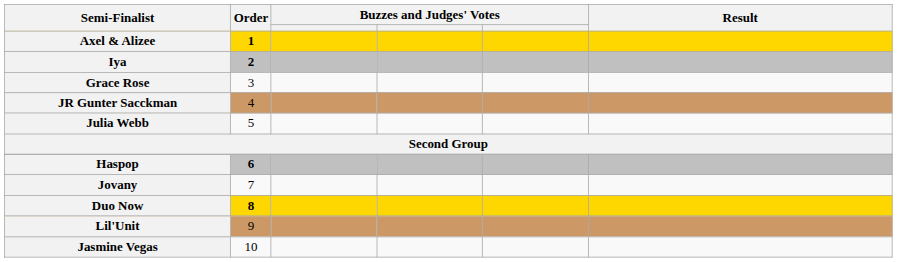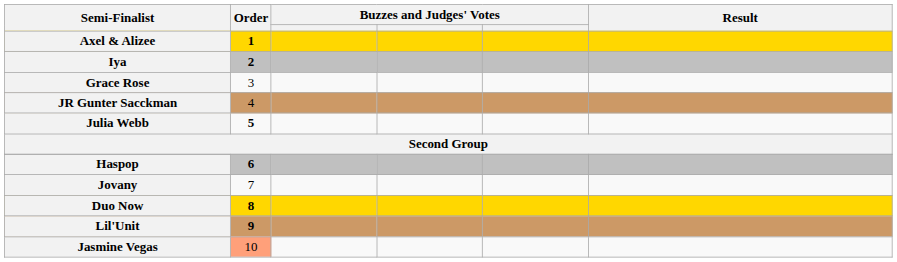 <table class="wikitable plainrowheaders sortable" style="text-align:center;">
 <tr>
 <th scope="col" rowspan=2 class="unsortable" style="width:17em;">Semi-Finalist</th>
 <th scope="col" rowspan=2 style="width:1em;">Order</th>
 <th scope="col" colspan=3 class="unsortable" style="width:24em;">Buzzes and Judges' Votes</th>
 <th scope="col" rowspan=2 style="width:23em;">Result</th>
 </tr>
 <tr>
 <th scope="col" class="unsortable" style="width:6em;"></th>
 <th scope="col" class="unsortable" style="width:6em;"></th>
 <th scope="col" class="unsortable" style="width:6em;"></th>
 </tr>
 <tr bgcolor=gold>
 <th scope="row"><strong>Axel & Alizee</strong></th>
 <td><strong>1</strong></td>
 <td style="text-align:center;"></td>
 <td style="text-align:center;"></td>
 <td style="text-align:center;"></td>
 <td><strong></strong></td>
 </tr>
 <tr bgcolor=silver>
 <th scope="row"><strong>Iya</strong></th>
 <td><strong>2</strong></td>
 <td style="text-align:center;"></td>
 <td style="text-align:center;"></td>
 <td style="text-align:center;"></td>
 <td><strong></strong></td>
 </tr>
 <tr>
 <th scope="row">Grace Rose</th>
 <td>3</td>
 <td style="text-align:center;"></td>
 <td style="text-align:center;"></td>
 <td style="text-align:center;"></td>
 <td></td>
 </tr>
 <tr bgcolor=#c96>
 <th scope="row">JR Gunter Sacckman</th>
 <td>4</td>
 <td style="text-align:center;"></td>
 <td style="text-align:center;"></td>
 <td style="text-align: center;"></td>
 <td><strong></strong></td>
 </tr>
 <tr>
 <th scope="row">Julia Webb</th>
-<td>5</td>
+<td><strong>5</strong></td>
 <td style="text-align:center;"></td>
 <td style="text-align:center;"></td>
 <td style="text-align:center;"></td>
 <td></td>
 </tr>
 <tr>
 <th colspan="6">Second Group</th>
 </tr>
 <tr>
 </tr>
 <tr bgcolor=silver>
 <th scope="row"><strong>Haspop</strong></th>
 <td><strong>6</strong></td>
 <td style="text-align: center;"></td>
 <td style="text-align: center;"></td>
 <td style="text-align:center;"></td>
 <td><strong></strong></td>
 </tr>
 <tr>
 <th scope="row">Jovany</th>
 <td>7</td>
 <td style="text-align:center;"></td>
 <td style="text-align:center;"></td>
 <td style="text-align:center;"></td>
 <td></td>
 </tr>
 <tr bgcolor=gold>
 <th scope="row"><strong>Duo Now</strong></th>
 <td><strong>8</strong></td>
 <td style="text-align:center;"></td>
 <td style="text-align:center;"></td>
 <td style="text-align:center;"></td>
 <td><strong></strong></td>
 </tr>
 <tr bgcolor=#c96>
 <th scope="row">Lil'Unit</th>
-<td>9</td>
+<td><strong>9</strong></td>
 <td style="text-align:center;"></td>
 <td style="text-align:center;"></td>
 <td style="text-align:center;"></td>
 <td><strong></strong></td>
 </tr>
 <tr>
 <th scope="row">Jasmine Vegas</th>
-<td>10</td>
+<td style="background: lightsalmon;">10</td>
 <td style="text-align:center;"></td>
 <td style="text-align:center;"></td>
 <td style="text-align:center;"></td>
 <td></td>
 </tr>
 </table>
